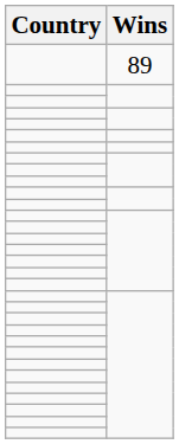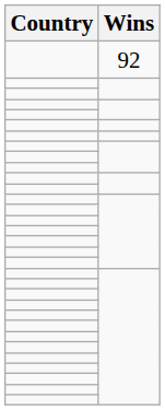 <table class="wikitable sortable" style="border-collapse:collapse">
 <tr>
 <th>Country</th>
 <th>Wins</th>
 </tr>
 <tr>
 <td></td>
-<td align="center">89</td>
+<td align="center">92</td>
 </tr>
 <tr>
 <td></td>
 <td rowspan="2" align="center"></td>
 </tr>
 <tr>
 <td></td>
 </tr>
 <tr>
 <td></td>
 <td rowspan="2" align="center"></td>
 </tr>
 <tr>
 <td></td>
 </tr>
 <tr>
 <td></td>
 <td align="center"></td>
 </tr>
 <tr>
 <td></td>
 <td align="center"></td>
 </tr>
 <tr>
 <td></td>
 <td rowspan="3" align="center"></td>
 </tr>
 <tr>
 <td></td>
 </tr>
 <tr>
 <td></td>
 </tr>
 <tr>
 <td></td>
 <td rowspan="2" align="center"></td>
 </tr>
 <tr>
 <td></td>
 </tr>
 <tr>
 <td></td>
 <td rowspan="7" align="center"></td>
 </tr>
 <tr>
 <td></td>
 </tr>
 <tr>
 <td></td>
 </tr>
 <tr>
 <td></td>
 </tr>
 <tr>
 <td></td>
 </tr>
 <tr>
 <td></td>
 </tr>
 <tr>
 <td></td>
 </tr>
 <tr>
 <td></td>
 <td rowspan="15" align="center"></td>
 </tr>
 <tr>
 <td></td>
 </tr>
 <tr>
 <td></td>
 </tr>
 <tr>
 <td></td>
 </tr>
 <tr>
 <td></td>
 </tr>
 <tr>
 <td></td>
 </tr>
 <tr>
 <td></td>
 </tr>
 <tr>
 <td></td>
 </tr>
 <tr>
 <td></td>
 </tr>
 <tr>
 <td></td>
 </tr>
 <tr>
 <td></td>
 </tr>
 <tr>
 <td></td>
 </tr>
 <tr>
 <td></td>
 </tr>
 </table>
